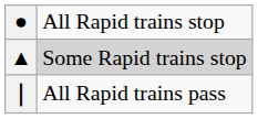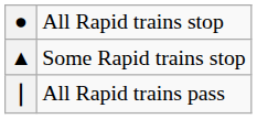 <table class="wikitable">
 <tr>
 <th>●</th>
 <td>All Rapid trains stop</td>
 </tr>
 <tr>
 <th>▲</th>
-<td style="background: lightgrey;">Some Rapid trains stop</td>
+<td>Some Rapid trains stop</td>
 </tr>
 <tr>
 <th>｜</th>
 <td>All Rapid trains pass</td>
 </tr>
 </table>
